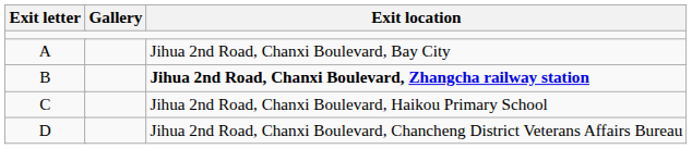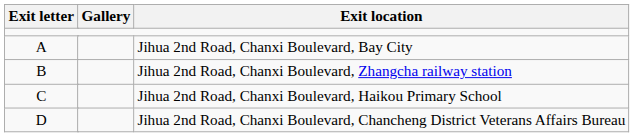 <table class="wikitable">
 <tr>
 <th colspan=2 style="width:70px">Exit letter</th>
 <th>Gallery</th>
 <th>Exit location</th>
 </tr>
 <tr style="background:#">
 <td colspan="4"></td>
 </tr>
 <tr>
 <td colspan=2 align=center>A</td>
 <td></td>
 <td>Jihua 2nd Road, Chanxi Boulevard, Bay City</td>
 </tr>
 <tr>
 <td colspan=2 align=center>B</td>
 <td></td>
-<td><strong>Jihua 2nd Road, Chanxi Boulevard, <a href='#'>Zhangcha railway station</a></strong></td>
+<td>Jihua 2nd Road, Chanxi Boulevard, <a href='#'>Zhangcha railway station</a></td>
 </tr>
 <tr>
 <td colspan=2 align=center>C</td>
 <td></td>
 <td>Jihua 2nd Road, Chanxi Boulevard, Haikou Primary School</td>
 </tr>
 <tr>
 <td colspan=2 align=center>D</td>
 <td></td>
 <td>Jihua 2nd Road, Chanxi Boulevard, Chancheng District Veterans Affairs Bureau</td>
 </tr>
 </table>
